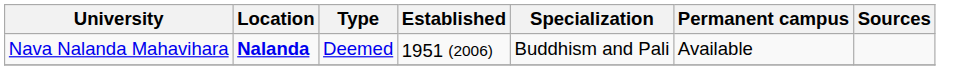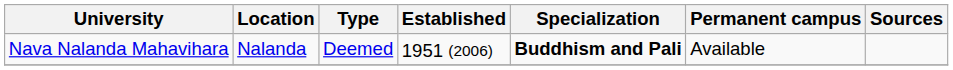 <table class="wikitable sortable plainrowheaders">
 <tr>
 <th scope="col">University</th>
 <th scope="col">Location</th>
 <th scope="col">Type</th>
 <th scope="col">Established</th>
 <th scope="col">Specialization</th>
 <th scope="col">Permanent campus</th>
 <th scope="col" class="unsortable">Sources</th>
 </tr>
 <tr>
 <td><a href='#'>Nava Nalanda Mahavihara</a></td>
-<td><strong><a href='#'>Nalanda</a></strong></td>
+<td><a href='#'>Nalanda</a></td>
 <td><a href='#'>Deemed</a></td>
 <td>1951 <small>(2006<sup></sup>)</small></td>
-<td>Buddhism and Pali</td>
+<td><strong>Buddhism and Pali</strong></td>
 <td>Available</td>
 <td></td>
 </tr>
 <tr>
 </tr>
 </table>
